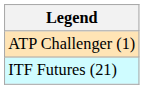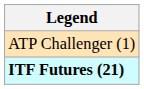 <table class=wikitable style=font-size:97%>
 <tr>
 <th>Legend</th>
 </tr>
 <tr bgcolor=moccasin>
 <td>ATP Challenger (1)</td>
 </tr>
 <tr bgcolor=cffcff>
-<td>ITF Futures (21)</td>
+<td><strong>ITF Futures (21)</strong></td>
 </tr>
 </table>
